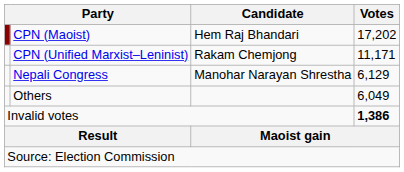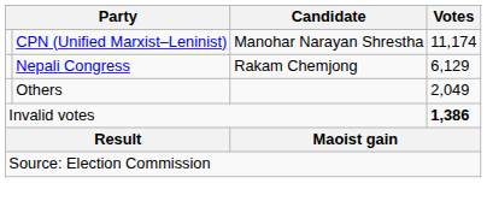 <table class="wikitable">
 <tr>
 <th colspan="2">Party</th>
 <th>Candidate</th>
 <th>Votes</th>
 </tr>
 <tr>
-<td style="background-color:darkred"></td>
-<td><a href='#'>CPN (Maoist)</a></td>
-<td>Hem Raj Bhandari</td>
-<td>17,202</td>
-</tr>
-<tr>
 <td style="background-color:"></td>
 <td><a href='#'>CPN (Unified Marxist–Leninist)</a></td>
-<td>Rakam Chemjong</td>
-<td>11,171</td>
+<td>Manohar Narayan Shrestha</td>
+<td>11,174</td>
 </tr>
 <tr>
 <td style="background-color:"></td>
 <td><a href='#'>Nepali Congress</a></td>
-<td>Manohar Narayan Shrestha</td>
+<td>Rakam Chemjong</td>
 <td>6,129</td>
 </tr>
 <tr>
 <td></td>
 <td>Others</td>
 <td></td>
-<td>6,049</td>
+<td>2,049</td>
 </tr>
 <tr>
 <td colspan="3">Invalid votes</td>
 <td><strong>1,386</strong></td>
 </tr>
 <tr>
 <th colspan="2">Result</th>
 <th colspan="2">Maoist gain</th>
 </tr>
 <tr>
 <td colspan="4">Source: Election Commission</td>
 </tr>
 </table>
